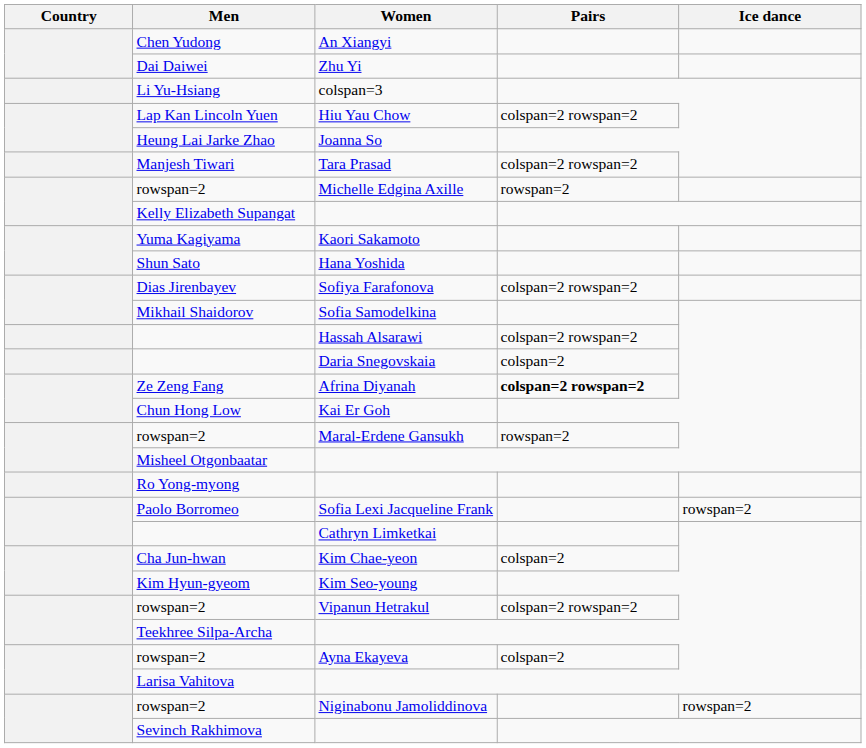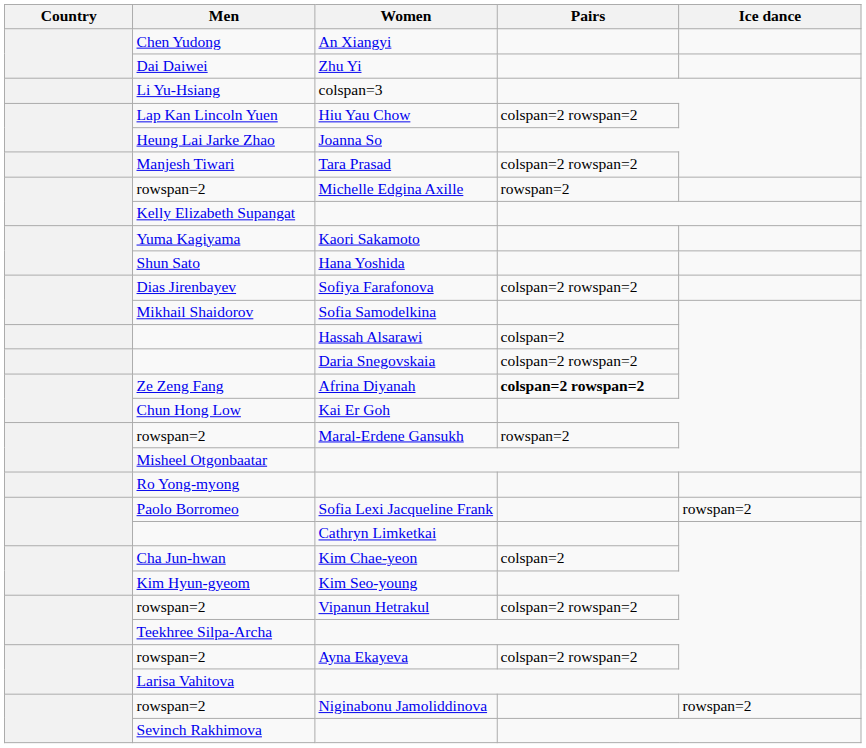 <table class="wikitable unsortable" style="text-align:left; width:100%">
 <tr>
 <th scope=col style="width:15%">Country</th>
 <th scope=col style="width:21.25%">Men</th>
 <th scope=col style="width:21.25%">Women</th>
 <th scope=col style="width:21.25%">Pairs</th>
 <th scope=col style="width:21.25%">Ice dance</th>
 </tr>
 <tr>
 <th rowspan=2 scope=row style="text-align:left"></th>
 <td><a href='#'>Chen Yudong</a></td>
 <td><a href='#'>An Xiangyi</a></td>
 <td></td>
 <td></td>
 </tr>
 <tr>
 <td><a href='#'>Dai Daiwei</a></td>
 <td><a href='#'>Zhu Yi</a></td>
 <td></td>
 <td></td>
 </tr>
 <tr>
 <th scope=row style="text-align:left"></th>
 <td><a href='#'>Li Yu-Hsiang</a></td>
 <td>colspan=3 </td>
 </tr>
 <tr>
 <th rowspan=2 scope=row style="text-align:left"></th>
 <td><a href='#'>Lap Kan Lincoln Yuen</a></td>
 <td><a href='#'>Hiu Yau Chow</a></td>
 <td>colspan=2 rowspan=2 </td>
 </tr>
 <tr>
 <td><a href='#'>Heung Lai Jarke Zhao</a></td>
 <td><a href='#'>Joanna So</a></td>
 </tr>
 <tr>
 <th scope=row style="text-align:left"></th>
 <td><a href='#'>Manjesh Tiwari</a></td>
 <td><a href='#'>Tara Prasad</a></td>
 <td>colspan=2 rowspan=2 </td>
 </tr>
 <tr>
 <th rowspan=2 scope=row style="text-align:left"></th>
 <td>rowspan=2 </td>
 <td><a href='#'>Michelle Edgina Axille</a></td>
 <td>rowspan=2 </td>
 <td></td>
 </tr>
 <tr>
 <td><a href='#'>Kelly Elizabeth Supangat</a></td>
 <td></td>
 </tr>
 <tr>
 <th rowspan=2 scope=row style="text-align:left"></th>
 <td><a href='#'>Yuma Kagiyama</a></td>
 <td><a href='#'>Kaori Sakamoto</a></td>
 <td></td>
 <td></td>
 </tr>
 <tr>
 <td><a href='#'>Shun Sato</a></td>
 <td><a href='#'>Hana Yoshida</a></td>
 <td></td>
 <td></td>
 </tr>
 <tr>
 <th rowspan=2 scope=row style="text-align:left"></th>
 <td><a href='#'>Dias Jirenbayev</a></td>
 <td><a href='#'>Sofiya Farafonova</a></td>
 <td>colspan=2 rowspan=2 </td>
 <td></td>
 </tr>
 <tr>
 <td><a href='#'>Mikhail Shaidorov</a></td>
 <td><a href='#'>Sofia Samodelkina</a></td>
 <td></td>
 </tr>
 <tr>
 <th scope=row style="text-align:left"></th>
 <td></td>
 <td><a href='#'>Hassah Alsarawi</a></td>
-<td>colspan=2 rowspan=2 </td>
+<td>colspan=2 </td>
 </tr>
 <tr>
 <th scope=row style="text-align:left"></th>
 <td></td>
 <td><a href='#'>Daria Snegovskaia</a></td>
-<td>colspan=2 </td>
+<td>colspan=2 rowspan=2 </td>
 </tr>
 <tr>
 <th rowspan=2 scope=row style="text-align:left"></th>
 <td><a href='#'>Ze Zeng Fang</a></td>
 <td><a href='#'>Afrina Diyanah</a></td>
 <td><strong>colspan=2 rowspan=2 </strong></td>
 </tr>
 <tr>
 <td><a href='#'>Chun Hong Low</a></td>
 <td><a href='#'>Kai Er Goh</a></td>
 </tr>
 <tr>
 <th rowspan=2 scope=row style="text-align:left"></th>
 <td>rowspan=2 </td>
 <td><a href='#'>Maral-Erdene Gansukh</a></td>
 <td>rowspan=2 </td>
 </tr>
 <tr>
 <td><a href='#'>Misheel Otgonbaatar</a></td>
 </tr>
 <tr>
 <th scope=row style="text-align:left"></th>
 <td><a href='#'>Ro Yong-myong</a></td>
 <td></td>
 <td></td>
 <td></td>
 </tr>
 <tr>
 <th rowspan=2 scope=row style="text-align:left"></th>
 <td><a href='#'>Paolo Borromeo</a></td>
 <td><a href='#'>Sofia Lexi Jacqueline Frank</a></td>
 <td></td>
 <td>rowspan=2 </td>
 </tr>
 <tr>
 <td></td>
 <td><a href='#'>Cathryn Limketkai</a></td>
 <td></td>
 </tr>
 <tr>
 <th rowspan=2 scope=row style="text-align:left"></th>
 <td><a href='#'>Cha Jun-hwan</a></td>
 <td><a href='#'>Kim Chae-yeon</a></td>
 <td>colspan=2 </td>
 </tr>
 <tr>
 <td><a href='#'>Kim Hyun-gyeom</a></td>
 <td><a href='#'>Kim Seo-young</a></td>
 </tr>
 <tr>
 <th rowspan=2 scope=row style="text-align:left"></th>
 <td>rowspan=2 </td>
 <td><a href='#'>Vipanun Hetrakul</a></td>
 <td>colspan=2 rowspan=2 </td>
 </tr>
 <tr>
 <td><a href='#'>Teekhree Silpa-Archa</a></td>
 </tr>
 <tr>
 <th rowspan=2 scope=row style="text-align:left"></th>
 <td>rowspan=2 </td>
 <td><a href='#'>Ayna Ekayeva</a></td>
-<td>colspan=2 </td>
+<td>colspan=2 rowspan=2 </td>
 </tr>
 <tr>
 <td><a href='#'>Larisa Vahitova</a></td>
 </tr>
 <tr>
 <th rowspan=2 scope=row style="text-align:left"></th>
 <td>rowspan=2 </td>
 <td><a href='#'>Niginabonu Jamoliddinova</a></td>
 <td></td>
 <td>rowspan=2 </td>
 </tr>
 <tr>
 <td><a href='#'>Sevinch Rakhimova</a></td>
 <td></td>
 </tr>
 </table>
